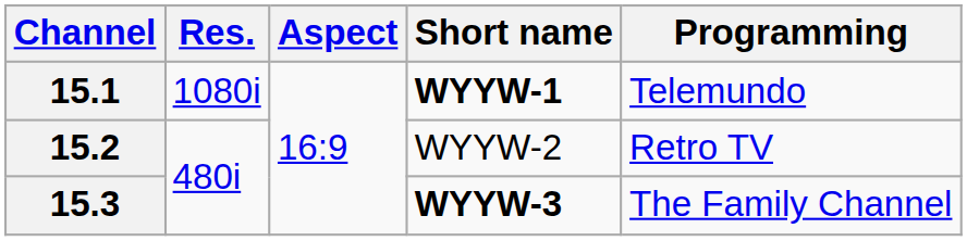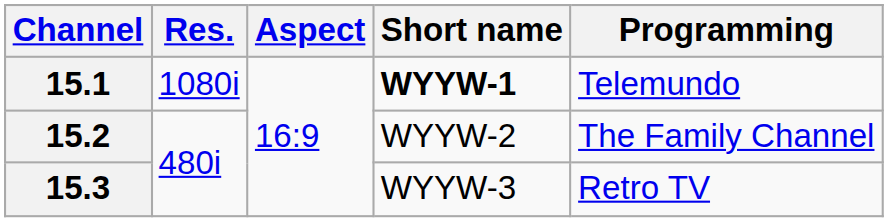 <table class="wikitable">
 <tr>
 <th><a href='#'>Channel</a></th>
 <th><a href='#'>Res.</a></th>
 <th><a href='#'>Aspect</a></th>
 <th>Short name</th>
 <th>Programming</th>
 </tr>
 <tr>
 <th scope = "row">15.1</th>
 <td><a href='#'>1080i</a></td>
 <td rowspan=3><a href='#'>16:9</a></td>
 <td><strong>WYYW-1</strong></td>
 <td><a href='#'>Telemundo</a></td>
 </tr>
 <tr>
 <th scope = "row">15.2</th>
 <td rowspan=2><a href='#'>480i</a></td>
 <td>WYYW-2</td>
-<td><a href='#'>Retro TV</a></td>
+<td><a href='#'>The Family Channel</a></td>
 </tr>
 <tr>
 <th scope = "row">15.3</th>
-<td><strong>WYYW-3</strong></td>
-<td><a href='#'>The Family Channel</a></td>
+<td>WYYW-3</td>
+<td><a href='#'>Retro TV</a></td>
 </tr>
 </table>
